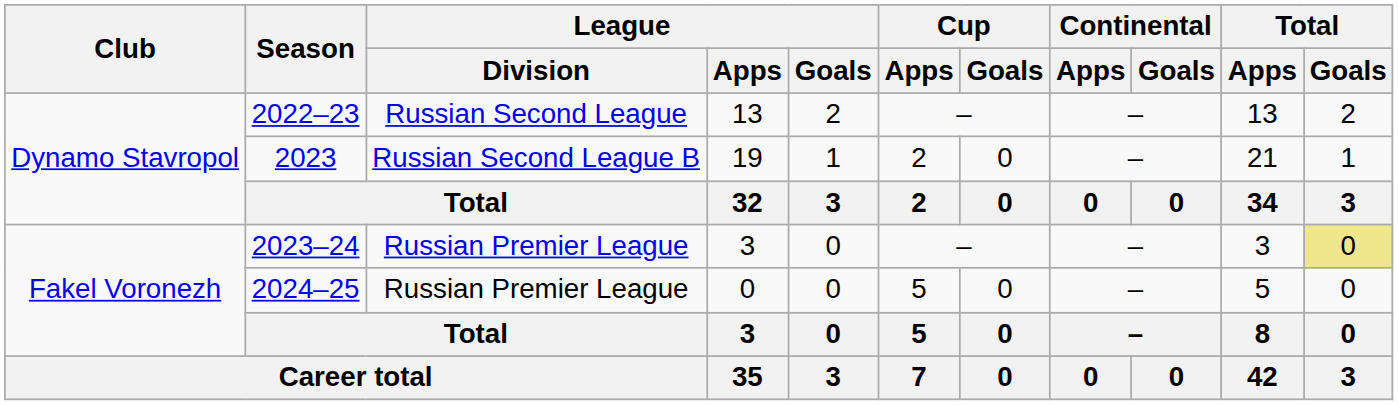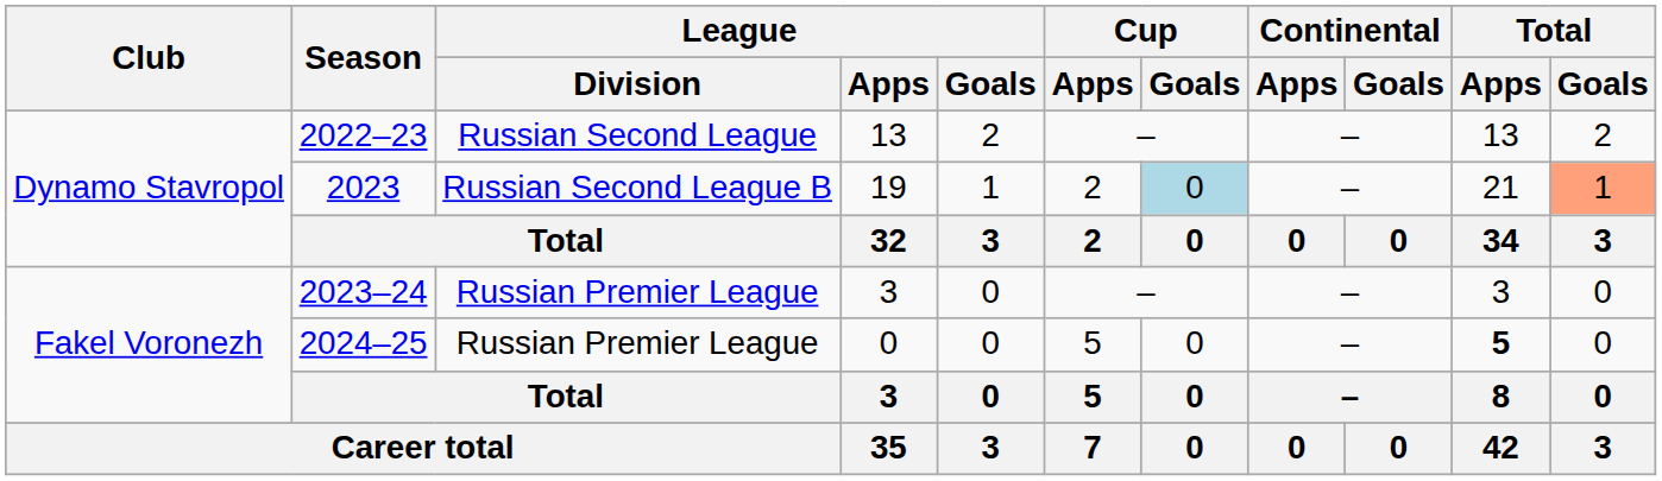 <table class="wikitable" style="text-align: center;">
 <tr>
 <th rowspan=2>Club</th>
 <th rowspan=2>Season</th>
 <th colspan=3>League</th>
 <th colspan=2>Cup</th>
 <th colspan=2>Continental</th>
 <th colspan=2>Total</th>
 </tr>
 <tr>
 <th>Division</th>
 <th>Apps</th>
 <th>Goals</th>
 <th>Apps</th>
 <th>Goals</th>
 <th>Apps</th>
 <th>Goals</th>
 <th>Apps</th>
 <th>Goals</th>
 </tr>
 <tr>
 <td rowspan="3"><a href='#'>Dynamo Stavropol</a></td>
 <td><a href='#'>2022–23</a></td>
 <td><a href='#'>Russian Second League</a></td>
 <td>13</td>
 <td>2</td>
 <td colspan=2>–</td>
 <td colspan=2>–</td>
 <td>13</td>
 <td>2</td>
 </tr>
 <tr>
 <td><a href='#'>2023</a></td>
 <td><a href='#'>Russian Second League B</a></td>
 <td>19</td>
 <td>1</td>
 <td>2</td>
-<td>0</td>
+<td style="background: lightblue;">0</td>
 <td colspan=2>–</td>
 <td>21</td>
-<td>1</td>
+<td style="background: lightsalmon;">1</td>
 </tr>
 <tr>
 <th colspan=2>Total</th>
 <th>32</th>
 <th>3</th>
 <th>2</th>
 <th>0</th>
 <th>0</th>
 <th>0</th>
 <th>34</th>
 <th>3</th>
 </tr>
 <tr>
 <td rowspan="3"><a href='#'>Fakel Voronezh</a></td>
 <td><a href='#'>2023–24</a></td>
 <td><a href='#'>Russian Premier League</a></td>
 <td>3</td>
 <td>0</td>
 <td colspan=2>–</td>
 <td colspan=2>–</td>
 <td>3</td>
-<td style="background: khaki;">0</td>
+<td>0</td>
 </tr>
 <tr>
 <td><a href='#'>2024–25</a></td>
 <td>Russian Premier League</td>
 <td>0</td>
 <td>0</td>
 <td>5</td>
 <td>0</td>
 <td colspan="2">–</td>
-<td>5</td>
+<td><strong>5</strong></td>
 <td>0</td>
 </tr>
 <tr>
 <th colspan="2">Total</th>
 <th>3</th>
 <th>0</th>
 <th>5</th>
 <th>0</th>
 <th colspan="2">–</th>
 <th>8</th>
 <th>0</th>
 </tr>
 <tr>
 <th colspan="3">Career total</th>
 <th>35</th>
 <th>3</th>
 <th>7</th>
 <th>0</th>
 <th>0</th>
 <th>0</th>
 <th>42</th>
 <th>3</th>
 </tr>
 </table>
